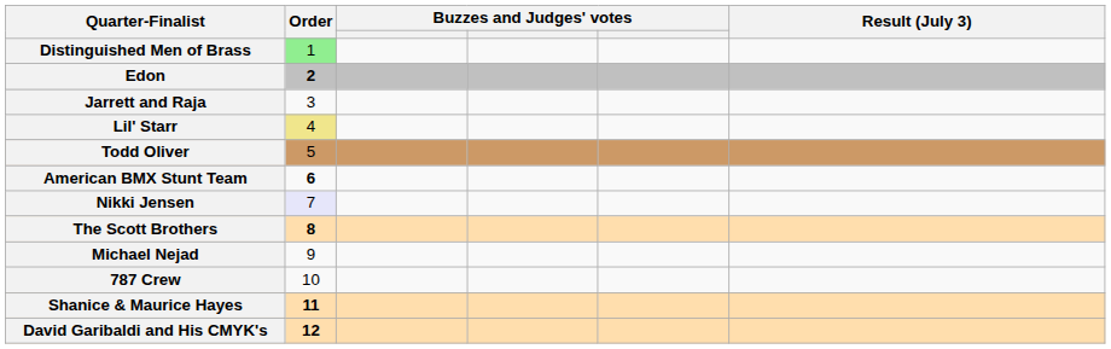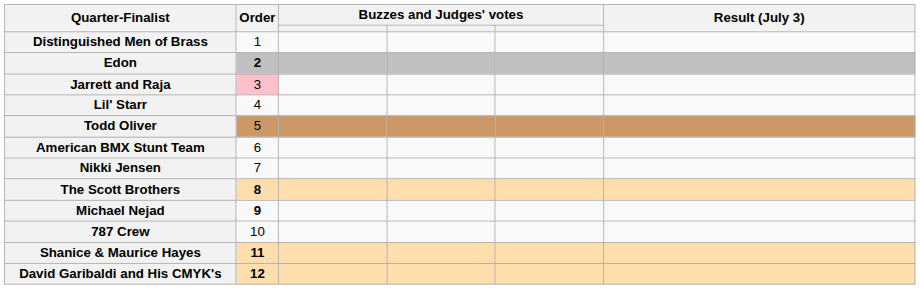 <table class="wikitable plainrowheaders sortable" style="text-align:center;">
 <tr>
 <th scope="col" rowspan="2" class="unsortable" style="width:17em;">Quarter-Finalist</th>
 <th scope="col" rowspan="2" style="width:1em;">Order</th>
 <th scope="col" colspan="3" class="unsortable" style="width:24em;">Buzzes and Judges' votes</th>
 <th scope="col" rowspan="2" style="width:23em;">Result (July 3)</th>
 </tr>
 <tr>
 <th scope="col" class="unsortable" style="width:6em;"></th>
 <th scope="col" class="unsortable" style="width:6em;"></th>
 <th scope="col" class="unsortable" style="width:6em;"></th>
 </tr>
 <tr>
 <th scope="row">Distinguished Men of Brass</th>
-<td style="background: lightgreen;">1</td>
+<td>1</td>
 <td style="text-align:center;"></td>
 <td style="text-align:center;"></td>
 <td style="text-align:center;"></td>
 <td></td>
 </tr>
 <tr style="background:silver;">
 <th scope="row"><strong>Edon</strong></th>
 <td><strong>2</strong></td>
 <td style="text-align:center;"></td>
 <td style="text-align:center;"></td>
 <td style="text-align:center;"></td>
 <td><strong></strong></td>
 </tr>
 <tr>
 <th scope="row">Jarrett and Raja</th>
-<td>3</td>
+<td style="background: pink;">3</td>
 <td style="text-align:center;"></td>
 <td style="text-align:center;"></td>
 <td style="text-align:center;"></td>
 <td></td>
 </tr>
 <tr>
 <th scope="row">Lil' Starr</th>
-<td style="background: khaki;">4</td>
+<td>4</td>
 <td style="text-align:center;"></td>
 <td style="text-align:center;"></td>
 <td style="text-align:center;"></td>
 <td></td>
 </tr>
 <tr style="background:#c96;">
 <th scope="row">Todd Oliver</th>
 <td>5</td>
 <td style="text-align:center;"></td>
 <td style="text-align:center;"></td>
 <td style="text-align:center;"></td>
 <td></td>
 </tr>
 <tr>
 <th scope="row">American BMX Stunt Team</th>
-<td><strong>6</strong></td>
+<td>6</td>
 <td style="text-align:center;"></td>
 <td style="text-align:center;"></td>
 <td style="text-align:center;"></td>
 <td></td>
 </tr>
 <tr>
 <th scope="row">Nikki Jensen</th>
-<td style="background: lavender;">7</td>
+<td>7</td>
 <td style="text-align:center;"></td>
 <td style="text-align:center;"></td>
 <td style="text-align:center;"></td>
 <td></td>
 </tr>
 <tr style="background:NavajoWhite;">
 <th scope="row"><strong>The Scott Brothers</strong></th>
 <td><strong>8</strong></td>
 <td style="text-align:center;"></td>
 <td style="text-align:center;"></td>
 <td style="text-align:center;"></td>
 <td><strong></strong></td>
 </tr>
 <tr>
 <th scope="row">Michael Nejad</th>
-<td>9</td>
+<td><strong>9</strong></td>
 <td style="text-align:center;"></td>
 <td style="text-align:center;"></td>
 <td style="text-align:center;"></td>
 <td></td>
 </tr>
 <tr>
 <th scope="row">787 Crew</th>
 <td>10</td>
 <td style="text-align:center;"></td>
 <td style="text-align:center;"></td>
 <td style="text-align:center;"></td>
 <td></td>
 </tr>
 <tr style="background:NavajoWhite;">
 <th scope="row"><strong>Shanice & Maurice Hayes</strong></th>
 <td><strong>11</strong></td>
 <td style="text-align:center;"></td>
 <td style="text-align:center;"></td>
 <td style="text-align:center;"></td>
 <td><strong></strong></td>
 </tr>
 <tr style="background:NavajoWhite;">
 <th scope="row"><strong>David Garibaldi and His CMYK's</strong></th>
 <td><strong>12</strong></td>
 <td style="text-align:center;"></td>
 <td style="text-align:center;"></td>
 <td style="text-align:center;"></td>
 <td><strong></strong></td>
 </tr>
 </table>
